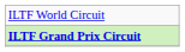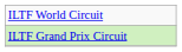 <table class="wikitable" style="font-size:90%;" width=16%>
 <tr>
 <td><a href='#'>ILTF World Circuit</a></td>
 </tr>
 <tr bgcolor="d0f0c0">
-<td><strong><a href='#'>ILTF Grand Prix Circuit</a></strong></td>
+<td><a href='#'>ILTF Grand Prix Circuit</a></td>
 </tr>
 <tr>
 </tr>
 </table>
